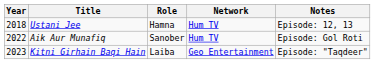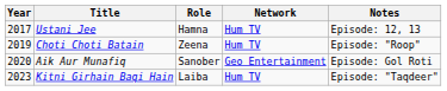 <table class="wikitable">
 <tr>
 <th>Year</th>
 <th>Title</th>
 <th>Role</th>
 <th>Network</th>
 <th>Notes</th>
 </tr>
 <tr>
-<td>2018</td>
+<td>2017</td>
 <td><em><a href='#'>Ustani Jee</a></em></td>
 <td>Hamna</td>
 <td><a href='#'>Hum TV</a></td>
 <td>Episode: 12, 13</td>
 </tr>
 <tr>
-<td>2022</td>
+<td>2019</td>
+<td><em><a href='#'>Choti Choti Batain</a></em></td>
+<td>Zeena</td>
+<td><a href='#'>Hum TV</a></td>
+<td>Episode: "Roop"</td>
+</tr>
+<tr>
+<td>2020</td>
 <td><em>Aik Aur Munafiq</em></td>
 <td>Sanober</td>
-<td><a href='#'>Hum TV</a></td>
+<td><a href='#'>Geo Entertainment</a></td>
 <td>Episode: Gol Roti</td>
 </tr>
 <tr>
 <td>2023</td>
 <td><em><a href='#'>Kitni Girhain Baqi Hain</a></em></td>
 <td>Laiba</td>
-<td><a href='#'>Geo Entertainment</a></td>
+<td><a href='#'>Hum TV</a></td>
 <td>Episode: "Taqdeer"</td>
 </tr>
 </table>
